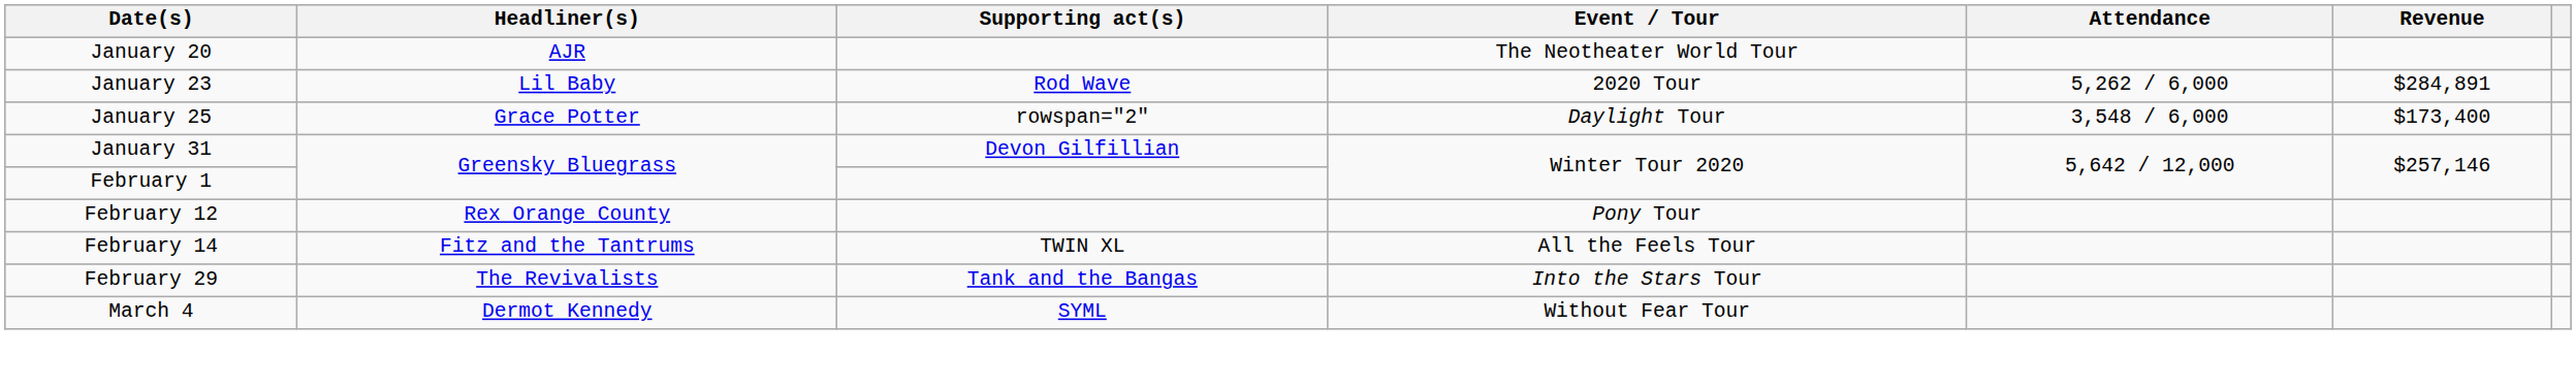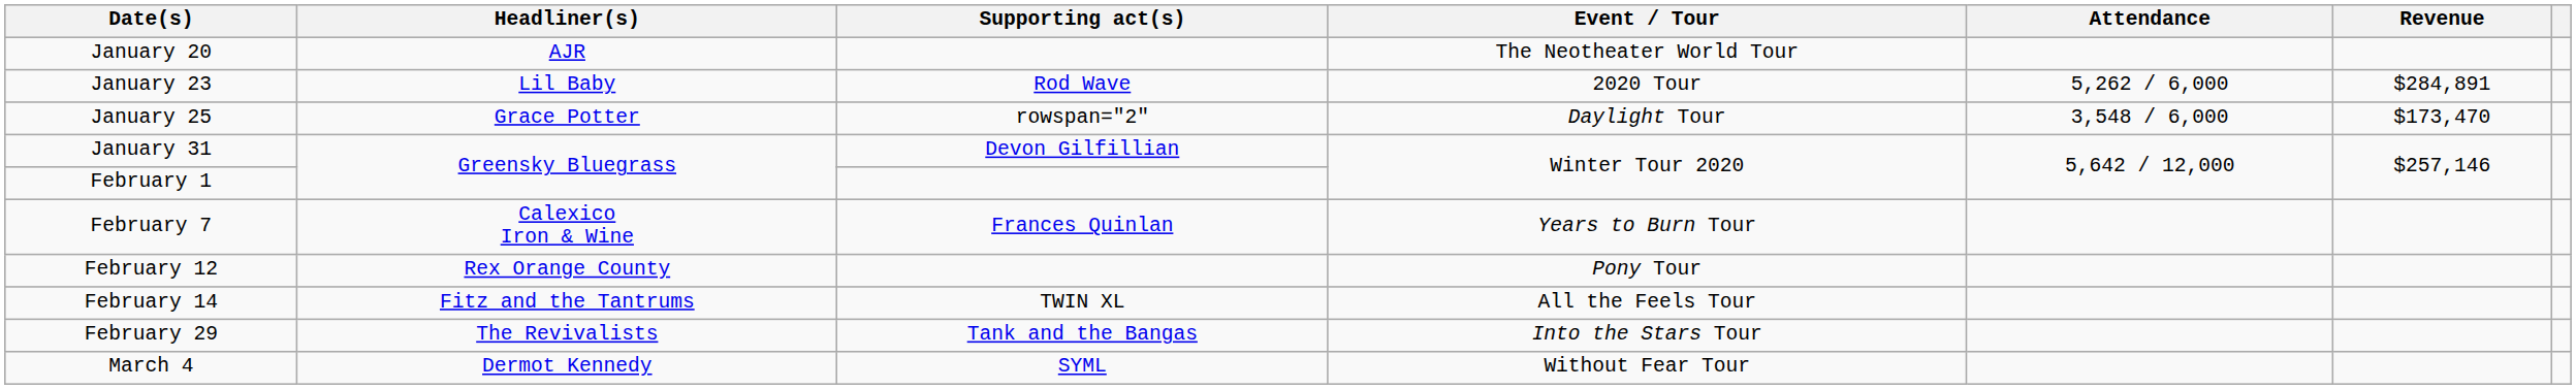 <table class="wikitable" style="text-align:center; font-size: 96%;" width=100%>
 <tr>
 <th>Date(s)</th>
 <th>Headliner(s)</th>
 <th>Supporting act(s)</th>
 <th>Event / Tour</th>
 <th>Attendance</th>
 <th>Revenue</th>
 <th></th>
 </tr>
 <tr>
 <td>January 20</td>
 <td><a href='#'>AJR</a></td>
 <td></td>
 <td>The Neotheater World Tour</td>
 <td></td>
 <td></td>
 <td></td>
 </tr>
 <tr>
 <td>January 23</td>
 <td><a href='#'>Lil Baby</a></td>
 <td><a href='#'>Rod Wave</a></td>
 <td>2020 Tour</td>
 <td>5,262 / 6,000</td>
 <td>$284,891</td>
 <td></td>
 </tr>
 <tr>
 <td>January 25</td>
 <td><a href='#'>Grace Potter</a></td>
 <td>rowspan="2" </td>
 <td><em>Daylight</em> Tour</td>
 <td>3,548 / 6,000</td>
-<td>$173,400</td>
+<td>$173,470</td>
 <td></td>
 </tr>
 <tr>
 <td>January 31</td>
 <td rowspan="2"><a href='#'>Greensky Bluegrass</a></td>
 <td><a href='#'>Devon Gilfillian</a></td>
 <td rowspan="2">Winter Tour 2020</td>
 <td rowspan="2">5,642 / 12,000</td>
 <td rowspan="2">$257,146</td>
 <td rowspan="2"></td>
 </tr>
 <tr>
 <td>February 1</td>
+</tr>
+<tr>
+<td>February 7</td>
+<td><a href='#'>Calexico</a><br><a href='#'>Iron & Wine</a></td>
+<td><a href='#'>Frances Quinlan</a></td>
+<td><em>Years to Burn</em> Tour</td>
+<td></td>
+<td></td>
+<td></td>
 </tr>
 <tr>
 <td>February 12</td>
 <td><a href='#'>Rex Orange County</a></td>
 <td></td>
 <td><em>Pony</em> Tour</td>
 <td></td>
 <td></td>
 <td></td>
 </tr>
 <tr>
 <td>February 14</td>
 <td><a href='#'>Fitz and the Tantrums</a></td>
 <td>TWIN XL</td>
 <td>All the Feels Tour</td>
 <td></td>
 <td></td>
 <td></td>
 </tr>
 <tr>
 <td>February 29</td>
 <td><a href='#'>The Revivalists</a></td>
 <td><a href='#'>Tank and the Bangas</a></td>
 <td><em>Into the Stars</em> Tour</td>
 <td></td>
 <td></td>
 <td></td>
 </tr>
 <tr>
 <td>March 4</td>
 <td><a href='#'>Dermot Kennedy</a></td>
 <td><a href='#'>SYML</a></td>
 <td>Without Fear Tour</td>
 <td></td>
 <td></td>
 <td></td>
 </tr>
 </table>
